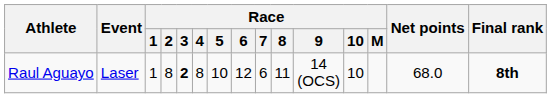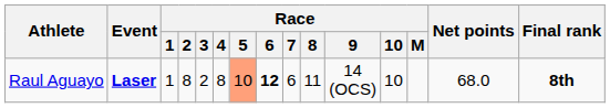 <table class="wikitable" border="1" style="font-size:90%">
 <tr>
 <th rowspan=2>Athlete</th>
 <th rowspan=2>Event</th>
 <th colspan=11>Race</th>
 <th rowspan=2>Net points</th>
 <th rowspan=2>Final rank</th>
 </tr>
 <tr>
 <th>1</th>
 <th>2</th>
 <th>3</th>
 <th>4</th>
 <th>5</th>
 <th>6</th>
 <th>7</th>
 <th>8</th>
 <th>9</th>
 <th>10</th>
 <th>M</th>
 </tr>
 <tr align=center>
 <td align=left><a href='#'>Raul Aguayo</a></td>
-<td align=left><a href='#'>Laser</a></td>
+<td align=left><strong><a href='#'>Laser</a></strong></td>
 <td>1</td>
 <td>8</td>
-<td><strong>2</strong></td>
+<td>2</td>
 <td>8</td>
-<td>10</td>
-<td>12</td>
+<td style="background: lightsalmon;">10</td>
+<td><strong>12</strong></td>
 <td>6</td>
 <td>11</td>
 <td>14<br>(OCS)</td>
 <td>10</td>
 <td></td>
 <td>68.0</td>
 <td><strong>8th</strong></td>
 </tr>
 </table>
